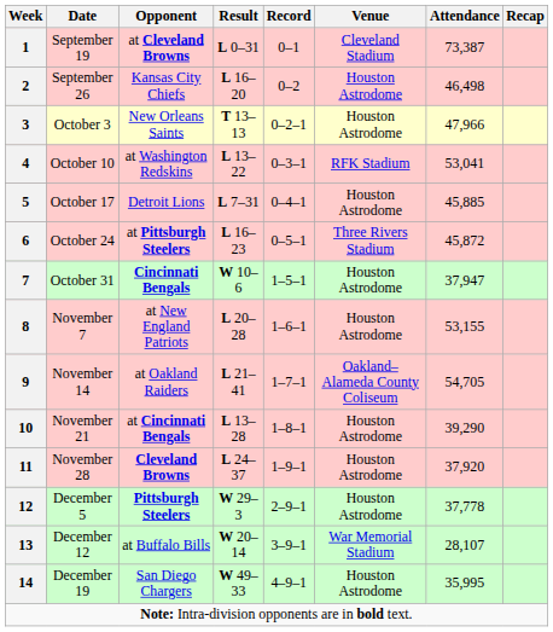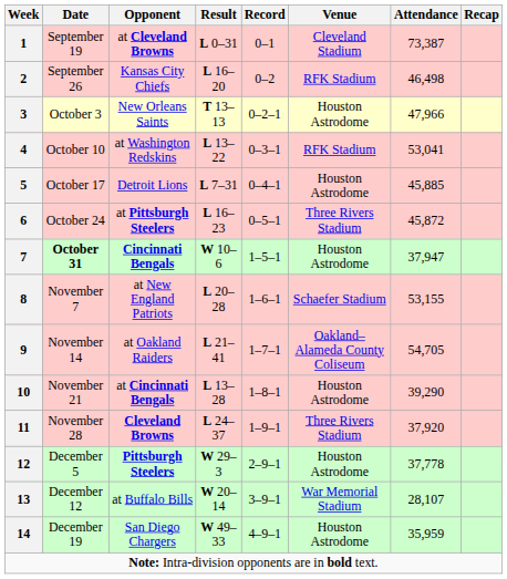 <table class="wikitable" style="text-align:center">
 <tr>
 <th>Week</th>
 <th>Date</th>
 <th>Opponent</th>
 <th>Result</th>
 <th>Record</th>
 <th>Venue</th>
 <th>Attendance</th>
 <th>Recap</th>
 </tr>
 <tr style="background:#fcc">
 <th>1</th>
 <td>September 19</td>
 <td>at <strong><a href='#'>Cleveland Browns</a></strong></td>
 <td><strong>L</strong> 0–31</td>
 <td>0–1</td>
 <td><a href='#'>Cleveland Stadium</a></td>
 <td>73,387</td>
 <td></td>
 </tr>
 <tr style="background:#fcc">
 <th>2</th>
 <td>September 26</td>
 <td><a href='#'>Kansas City Chiefs</a></td>
 <td><strong>L</strong> 16–20</td>
 <td>0–2</td>
-<td><a href='#'>Houston Astrodome</a></td>
+<td><a href='#'>RFK Stadium</a></td>
 <td>46,498</td>
 <td></td>
 </tr>
 <tr style="background:#ffc">
 <th>3</th>
 <td>October 3</td>
 <td><a href='#'>New Orleans Saints</a></td>
 <td><strong>T</strong> 13–13</td>
 <td>0–2–1</td>
 <td>Houston Astrodome</td>
 <td>47,966</td>
 <td></td>
 </tr>
 <tr style="background:#fcc">
 <th>4</th>
 <td>October 10</td>
 <td>at <a href='#'>Washington Redskins</a></td>
 <td><strong>L</strong> 13–22</td>
 <td>0–3–1</td>
 <td><a href='#'>RFK Stadium</a></td>
 <td>53,041</td>
 <td></td>
 </tr>
 <tr style="background:#fcc">
 <th>5</th>
 <td>October 17</td>
 <td><a href='#'>Detroit Lions</a></td>
 <td><strong>L</strong> 7–31</td>
 <td>0–4–1</td>
 <td>Houston Astrodome</td>
 <td>45,885</td>
 <td></td>
 </tr>
 <tr style="background:#fcc">
 <th>6</th>
 <td>October 24</td>
 <td>at <strong><a href='#'>Pittsburgh Steelers</a></strong></td>
 <td><strong>L</strong> 16–23</td>
 <td>0–5–1</td>
 <td><a href='#'>Three Rivers Stadium</a></td>
 <td>45,872</td>
 <td></td>
 </tr>
 <tr style="background:#cfc">
 <th>7</th>
-<td>October 31</td>
+<td><strong>October 31</strong></td>
 <td><strong><a href='#'>Cincinnati Bengals</a></strong></td>
 <td><strong>W</strong> 10–6</td>
 <td>1–5–1</td>
 <td>Houston Astrodome</td>
 <td>37,947</td>
 <td></td>
 </tr>
 <tr style="background:#fcc">
 <th>8</th>
 <td>November 7</td>
 <td>at <a href='#'>New England Patriots</a></td>
 <td><strong>L</strong> 20–28</td>
 <td>1–6–1</td>
-<td>Houston Astrodome</td>
+<td><a href='#'>Schaefer Stadium</a></td>
 <td>53,155</td>
 <td></td>
 </tr>
 <tr style="background:#fcc">
 <th>9</th>
 <td>November 14</td>
 <td>at <a href='#'>Oakland Raiders</a></td>
 <td><strong>L</strong> 21–41</td>
 <td>1–7–1</td>
 <td><a href='#'>Oakland–Alameda County Coliseum</a></td>
 <td>54,705</td>
 <td></td>
 </tr>
 <tr style="background:#fcc">
 <th>10</th>
 <td>November 21</td>
 <td>at <strong><a href='#'>Cincinnati Bengals</a></strong></td>
 <td><strong>L</strong> 13–28</td>
 <td>1–8–1</td>
 <td>Houston Astrodome</td>
 <td>39,290</td>
 <td></td>
 </tr>
 <tr style="background:#fcc">
 <th>11</th>
 <td>November 28</td>
 <td><strong><a href='#'>Cleveland Browns</a></strong></td>
 <td><strong>L</strong> 24–37</td>
 <td>1–9–1</td>
-<td>Houston Astrodome</td>
+<td><a href='#'>Three Rivers Stadium</a></td>
 <td>37,920</td>
 <td></td>
 </tr>
 <tr style="background:#cfc">
 <th>12</th>
 <td>December 5</td>
 <td><strong><a href='#'>Pittsburgh Steelers</a></strong></td>
 <td><strong>W</strong> 29–3</td>
 <td>2–9–1</td>
 <td>Houston Astrodome</td>
 <td>37,778</td>
 <td></td>
 </tr>
 <tr style="background:#cfc">
 <th>13</th>
 <td>December 12</td>
 <td>at <a href='#'>Buffalo Bills</a></td>
 <td><strong>W</strong> 20–14</td>
 <td>3–9–1</td>
 <td><a href='#'>War Memorial Stadium</a></td>
 <td>28,107</td>
 <td></td>
 </tr>
 <tr style="background:#cfc">
 <th>14</th>
 <td>December 19</td>
 <td><a href='#'>San Diego Chargers</a></td>
 <td><strong>W</strong> 49–33</td>
 <td>4–9–1</td>
 <td>Houston Astrodome</td>
-<td>35,995</td>
+<td>35,959</td>
 <td></td>
 </tr>
 <tr>
 <td colspan="8"><strong>Note:</strong> Intra-division opponents are in <strong>bold</strong> text.</td>
 </tr>
 </table>
